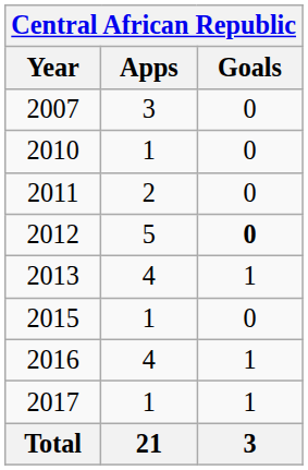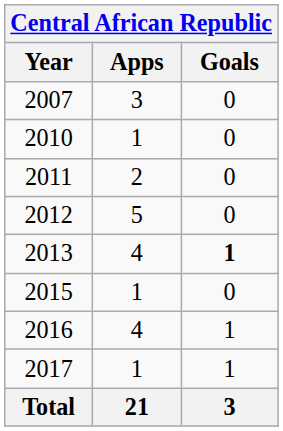 <table class="wikitable" style="text-align:center">
 <tr>
 <th colspan=3><a href='#'>Central African Republic</a></th>
 </tr>
 <tr>
 <th>Year</th>
 <th>Apps</th>
 <th>Goals</th>
 </tr>
 <tr>
 <td>2007</td>
 <td>3</td>
 <td>0</td>
 </tr>
 <tr>
 <td>2010</td>
 <td>1</td>
 <td>0</td>
 </tr>
 <tr>
 <td>2011</td>
 <td>2</td>
 <td>0</td>
 </tr>
 <tr>
 <td>2012</td>
 <td>5</td>
-<td><strong>0</strong></td>
+<td>0</td>
 </tr>
 <tr>
 <td>2013</td>
 <td>4</td>
-<td>1</td>
+<td><strong>1</strong></td>
 </tr>
 <tr>
 <td>2015</td>
 <td>1</td>
 <td>0</td>
 </tr>
 <tr>
 <td>2016</td>
 <td>4</td>
 <td>1</td>
 </tr>
 <tr>
 <td>2017</td>
 <td>1</td>
 <td>1</td>
 </tr>
 <tr>
 <th>Total</th>
 <th>21</th>
 <th>3</th>
 </tr>
 </table>
